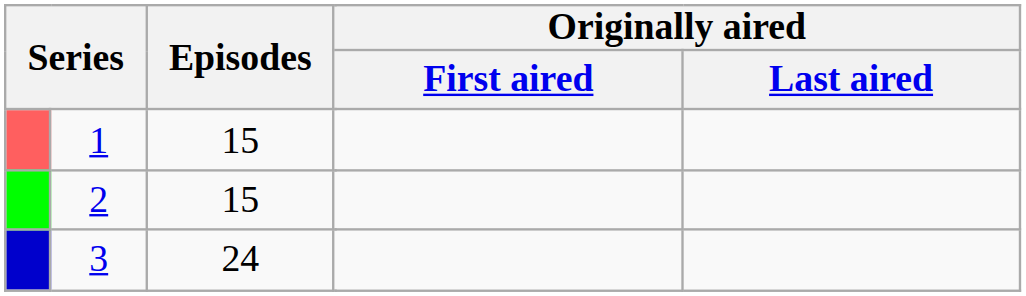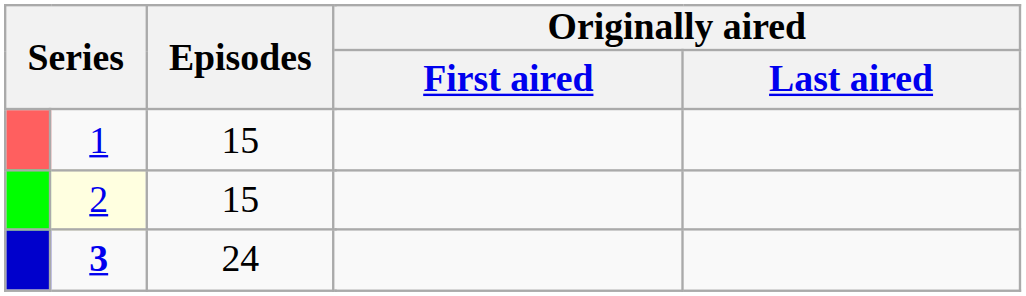 <table class="wikitable plainrowheaders" style="text-align:center;">
 <tr>
 <th scope="col" style="padding:0 9px;" rowspan="2" colspan="2">Series</th>
 <th scope="col" style="padding:0 9px;" colspan="2" rowspan="2">Episodes</th>
 <th scope="col" style="padding:0 90px;" colspan="2">Originally aired</th>
 </tr>
 <tr>
 <th scope="col"><a href='#'>First aired</a></th>
 <th scope="col"><a href='#'>Last aired</a></th>
 </tr>
 <tr>
 <td scope="row" style="background:#FF5F5F;"></td>
 <td><a href='#'>1</a></td>
 <td colspan="2">15</td>
 <td></td>
 <td></td>
 </tr>
 <tr>
 <td scope="row" style="background:#00FF00;"></td>
-<td><a href='#'>2</a></td>
+<td style="background: lightyellow;"><a href='#'>2</a></td>
 <td colspan="2">15</td>
 <td></td>
 <td></td>
 </tr>
 <tr>
 <td scope="row" style="background:#0000CC;"></td>
-<td><a href='#'>3</a></td>
+<td><strong><a href='#'>3</a></strong></td>
 <td colspan="2">24</td>
 <td></td>
 <td></td>
 </tr>
 </table>
